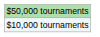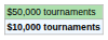 <table class=wikitable style=font-size:85%>
 <tr style="background:#addfad;">
 <td>$50,000 tournaments</td>
 </tr>
 <tr style="background:#f0f8ff;">
-<td>$10,000 tournaments</td>
+<td><strong>$10,000 tournaments</strong></td>
 </tr>
 </table>
